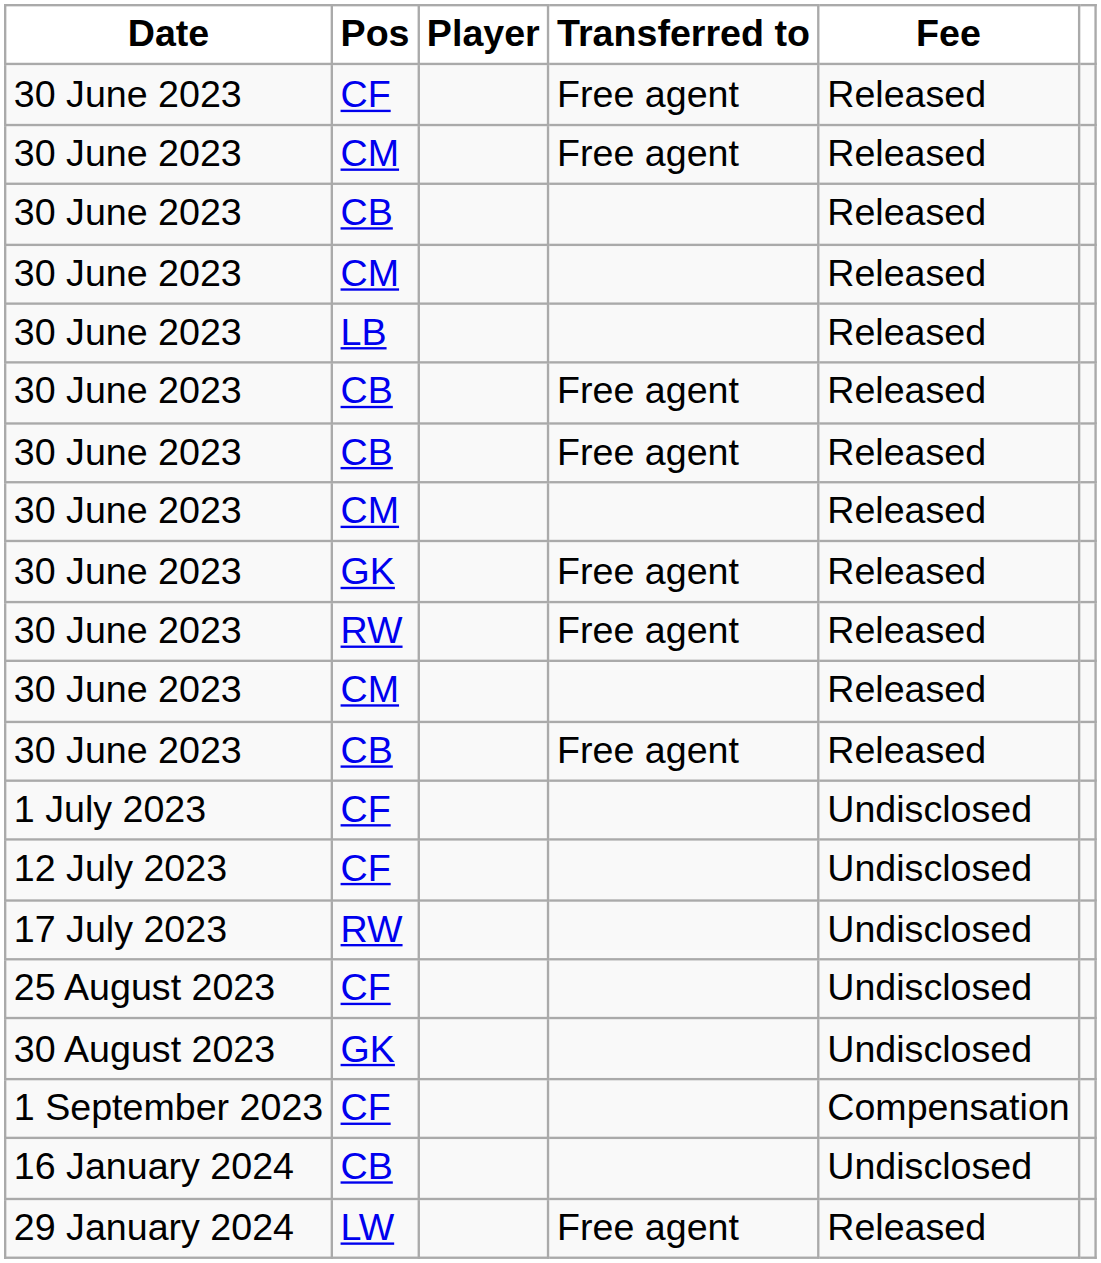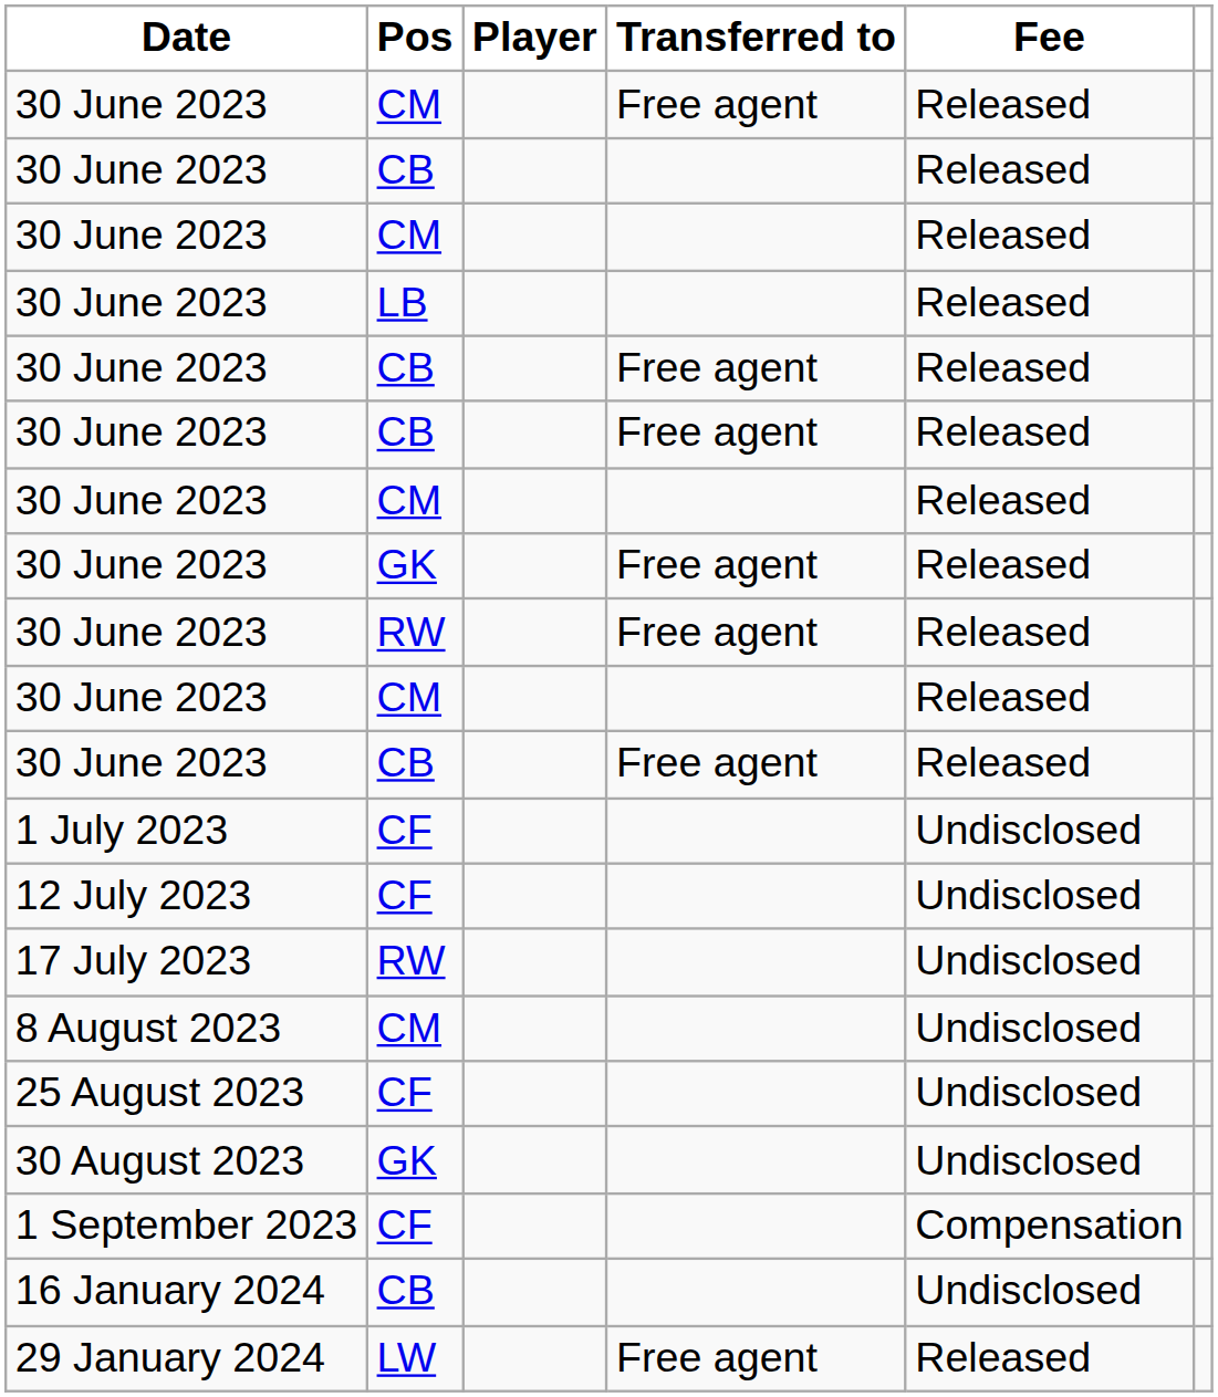 <table class="wikitable plainrowheaders sortable">
 <tr>
 <th style="background-color: white; color:black; ">Date</th>
 <th style="background-color: white; color:black; ">Pos</th>
 <th style="background-color: white; color:black; ">Player</th>
 <th style="background-color: white; color:black; ">Transferred to</th>
 <th style="background-color: white; color:black; ">Fee</th>
 <th style="background-color: white; color:black; "></th>
-</tr>
-<tr>
-<td>30 June 2023</td>
-<td><a href='#'>CF</a></td>
-<td></td>
-<td>Free agent</td>
-<td>Released</td>
-<td></td>
 </tr>
 <tr>
 <td>30 June 2023</td>
 <td><a href='#'>CM</a></td>
 <td></td>
 <td>Free agent</td>
 <td>Released</td>
 <td></td>
 </tr>
 <tr>
 <td>30 June 2023</td>
 <td><a href='#'>CB</a></td>
 <td></td>
 <td></td>
 <td>Released</td>
 <td></td>
 </tr>
 <tr>
 <td>30 June 2023</td>
 <td><a href='#'>CM</a></td>
 <td></td>
 <td></td>
 <td>Released</td>
 <td></td>
 </tr>
 <tr>
 <td>30 June 2023</td>
 <td><a href='#'>LB</a></td>
 <td></td>
 <td></td>
 <td>Released</td>
 <td></td>
 </tr>
 <tr>
 <td>30 June 2023</td>
 <td><a href='#'>CB</a></td>
 <td></td>
 <td>Free agent</td>
 <td>Released</td>
 <td></td>
 </tr>
 <tr>
 <td>30 June 2023</td>
 <td><a href='#'>CB</a></td>
 <td></td>
 <td>Free agent</td>
 <td>Released</td>
 <td></td>
 </tr>
 <tr>
 <td>30 June 2023</td>
 <td><a href='#'>CM</a></td>
 <td></td>
 <td></td>
 <td>Released</td>
 <td></td>
 </tr>
 <tr>
 <td>30 June 2023</td>
 <td><a href='#'>GK</a></td>
 <td></td>
 <td>Free agent</td>
 <td>Released</td>
 <td></td>
 </tr>
 <tr>
 <td>30 June 2023</td>
 <td><a href='#'>RW</a></td>
 <td></td>
 <td>Free agent</td>
 <td>Released</td>
 <td></td>
 </tr>
 <tr>
 <td>30 June 2023</td>
 <td><a href='#'>CM</a></td>
 <td></td>
 <td></td>
 <td>Released</td>
 <td></td>
 </tr>
 <tr>
 <td>30 June 2023</td>
 <td><a href='#'>CB</a></td>
 <td></td>
 <td>Free agent</td>
 <td>Released</td>
 <td></td>
 </tr>
 <tr>
 <td>1 July 2023</td>
 <td><a href='#'>CF</a></td>
 <td></td>
 <td></td>
 <td>Undisclosed</td>
 <td></td>
 </tr>
 <tr>
 <td>12 July 2023</td>
 <td><a href='#'>CF</a></td>
 <td></td>
 <td></td>
 <td>Undisclosed</td>
 <td></td>
 </tr>
 <tr>
 <td>17 July 2023</td>
 <td><a href='#'>RW</a></td>
 <td></td>
 <td></td>
 <td>Undisclosed</td>
 <td></td>
 </tr>
 <tr>
+<td>8 August 2023</td>
+<td><a href='#'>CM</a></td>
+<td></td>
+<td></td>
+<td>Undisclosed</td>
+<td></td>
+</tr>
+<tr>
 <td>25 August 2023</td>
 <td><a href='#'>CF</a></td>
 <td></td>
 <td></td>
 <td>Undisclosed</td>
 <td></td>
 </tr>
 <tr>
 <td>30 August 2023</td>
 <td><a href='#'>GK</a></td>
 <td></td>
 <td></td>
 <td>Undisclosed</td>
 <td></td>
 </tr>
 <tr>
 <td>1 September 2023</td>
 <td><a href='#'>CF</a></td>
 <td></td>
 <td></td>
 <td>Compensation</td>
 <td></td>
 </tr>
 <tr>
 <td>16 January 2024</td>
 <td><a href='#'>CB</a></td>
 <td></td>
 <td></td>
 <td>Undisclosed</td>
 <td></td>
 </tr>
 <tr>
 <td>29 January 2024</td>
 <td><a href='#'>LW</a></td>
 <td></td>
 <td>Free agent</td>
 <td>Released</td>
 <td></td>
 </tr>
 </table>
